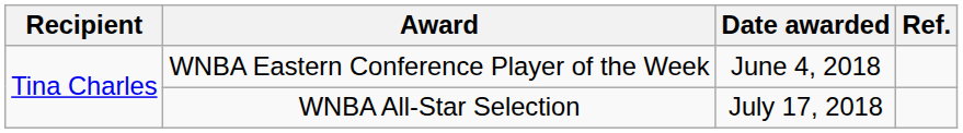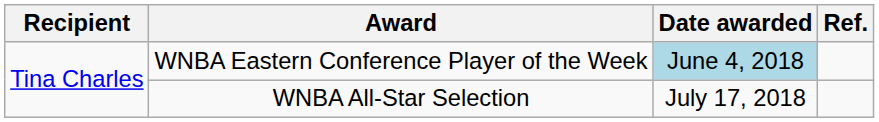 <table class="wikitable sortable sortable" style="text-align: center">
 <tr>
 <th>Recipient</th>
 <th>Award</th>
 <th>Date awarded</th>
 <th>Ref.</th>
 </tr>
 <tr>
 <td rowspan="2"><a href='#'>Tina Charles</a></td>
 <td>WNBA Eastern Conference Player of the Week</td>
-<td>June 4, 2018</td>
+<td style="background: lightblue;">June 4, 2018</td>
 <td></td>
 </tr>
 <tr>
 <td>WNBA All-Star Selection</td>
 <td>July 17, 2018</td>
 <td></td>
 </tr>
 </table>
